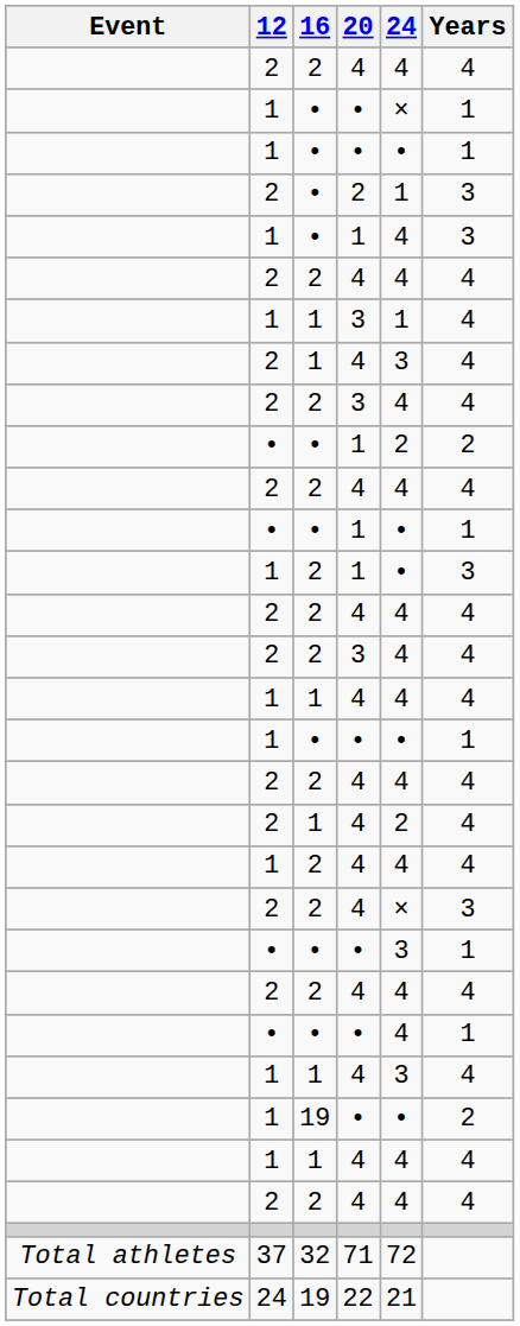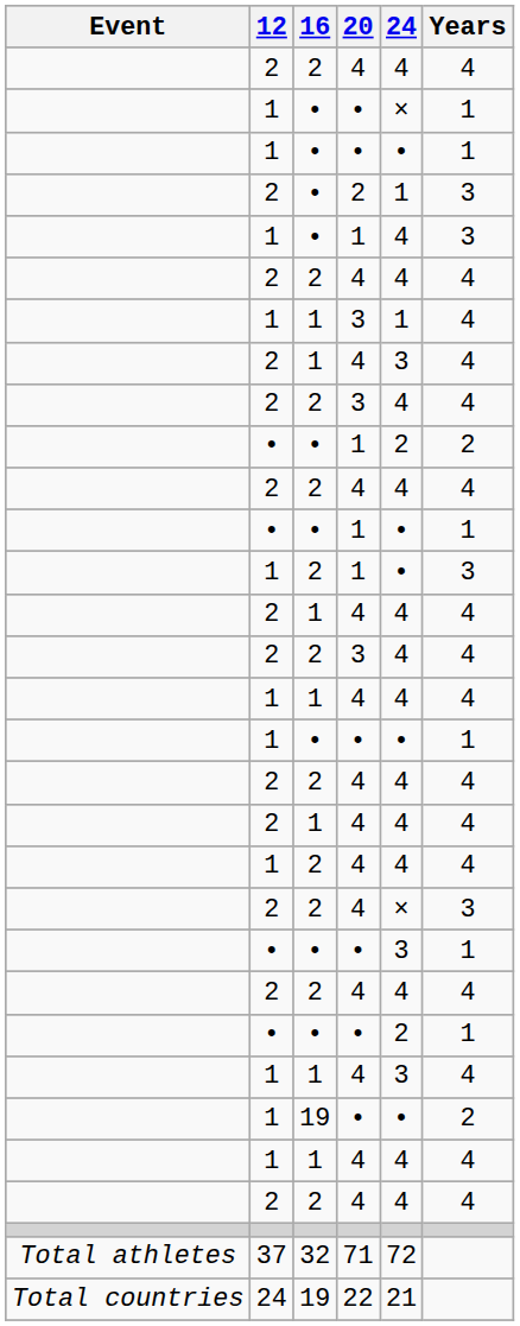 <table class="wikitable" style="text-align:center">
 <tr>
 <th>Event</th>
 <th><a href='#'>12</a></th>
 <th><a href='#'>16</a></th>
 <th><a href='#'>20</a></th>
 <th><a href='#'>24</a></th>
 <th>Years</th>
 </tr>
 <tr>
 <td align=left></td>
 <td>2</td>
 <td>2</td>
 <td>4</td>
 <td>4</td>
 <td>4</td>
 </tr>
 <tr>
 <td align=left></td>
 <td>1</td>
 <td>•</td>
 <td>•</td>
 <td>×</td>
 <td>1</td>
 </tr>
 <tr>
 <td align=left></td>
 <td>1</td>
 <td>•</td>
 <td>•</td>
 <td>•</td>
 <td>1</td>
 </tr>
 <tr>
 <td align=left></td>
 <td>2</td>
 <td>•</td>
 <td>2</td>
 <td>1</td>
 <td>3</td>
 </tr>
 <tr>
 <td align=left></td>
 <td>1</td>
 <td>•</td>
 <td>1</td>
 <td>4</td>
 <td>3</td>
 </tr>
 <tr>
 <td align=left></td>
 <td>2</td>
 <td>2</td>
 <td>4</td>
 <td>4</td>
 <td>4</td>
 </tr>
 <tr>
 <td align=left></td>
 <td>1</td>
 <td>1</td>
 <td>3</td>
 <td>1</td>
 <td>4</td>
 </tr>
 <tr>
 <td align=left></td>
 <td>2</td>
 <td>1</td>
 <td>4</td>
 <td>3</td>
 <td>4</td>
 </tr>
 <tr>
 <td align=left></td>
 <td>2</td>
 <td>2</td>
 <td>3</td>
 <td>4</td>
 <td>4</td>
 </tr>
 <tr>
 <td align=left></td>
 <td>•</td>
 <td>•</td>
 <td>1</td>
 <td>2</td>
 <td>2</td>
 </tr>
 <tr>
 <td align=left></td>
 <td>2</td>
 <td>2</td>
 <td>4</td>
 <td>4</td>
 <td>4</td>
 </tr>
 <tr>
 <td align=left></td>
 <td>•</td>
 <td>•</td>
 <td>1</td>
 <td>•</td>
 <td>1</td>
 </tr>
 <tr>
 <td align=left></td>
 <td>1</td>
 <td>2</td>
 <td>1</td>
 <td>•</td>
 <td>3</td>
 </tr>
 <tr>
 <td align=left></td>
 <td>2</td>
-<td>2</td>
+<td>1</td>
 <td>4</td>
 <td>4</td>
 <td>4</td>
 </tr>
 <tr>
 <td align=left></td>
 <td>2</td>
 <td>2</td>
 <td>3</td>
 <td>4</td>
 <td>4</td>
 </tr>
 <tr>
 <td align=left></td>
 <td>1</td>
 <td>1</td>
 <td>4</td>
 <td>4</td>
 <td>4</td>
 </tr>
 <tr>
 <td align=left></td>
 <td>1</td>
 <td>•</td>
 <td>•</td>
 <td>•</td>
 <td>1</td>
 </tr>
 <tr>
 <td align=left></td>
 <td>2</td>
 <td>2</td>
 <td>4</td>
 <td>4</td>
 <td>4</td>
 </tr>
 <tr>
 <td align=left></td>
 <td>2</td>
 <td>1</td>
 <td>4</td>
-<td>2</td>
+<td>4</td>
 <td>4</td>
 </tr>
 <tr>
 <td align=left></td>
 <td>1</td>
 <td>2</td>
 <td>4</td>
 <td>4</td>
 <td>4</td>
 </tr>
 <tr>
 <td align=left></td>
 <td>2</td>
 <td>2</td>
 <td>4</td>
 <td>×</td>
 <td>3</td>
 </tr>
 <tr>
 <td align=left></td>
 <td>•</td>
 <td>•</td>
 <td>•</td>
 <td>3</td>
 <td>1</td>
 </tr>
 <tr>
 <td align=left></td>
 <td>2</td>
 <td>2</td>
 <td>4</td>
 <td>4</td>
 <td>4</td>
 </tr>
 <tr>
 <td align=left></td>
 <td>•</td>
 <td>•</td>
 <td>•</td>
-<td>4</td>
+<td>2</td>
 <td>1</td>
 </tr>
 <tr>
 <td align=left></td>
 <td>1</td>
 <td>1</td>
 <td>4</td>
 <td>3</td>
 <td>4</td>
 </tr>
 <tr>
 <td align=left></td>
 <td>1</td>
 <td>19</td>
 <td>•</td>
 <td>•</td>
 <td>2</td>
 </tr>
 <tr>
 <td align=left></td>
 <td>1</td>
 <td>1</td>
 <td>4</td>
 <td>4</td>
 <td>4</td>
 </tr>
 <tr>
 <td align=left></td>
 <td>2</td>
 <td>2</td>
 <td>4</td>
 <td>4</td>
 <td>4</td>
 </tr>
 <tr bgcolor=lightgray>
 <td></td>
 <td></td>
 <td></td>
 <td></td>
 <td></td>
 <td></td>
 </tr>
 <tr align=center>
 <td><em>Total athletes</em></td>
 <td>37</td>
 <td>32</td>
 <td>71</td>
 <td>72</td>
 <td></td>
 </tr>
 <tr align=center>
 <td><em>Total countries</em></td>
 <td>24</td>
 <td>19</td>
 <td>22</td>
 <td>21</td>
 <td></td>
 </tr>
 </table>
